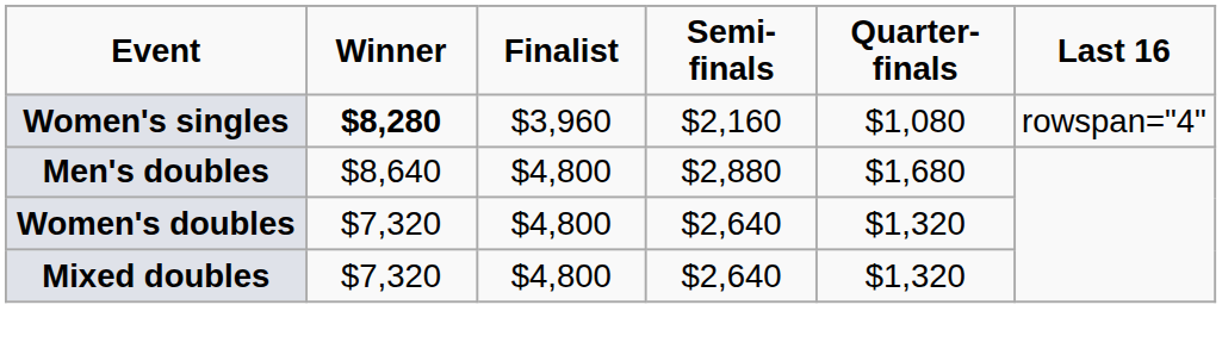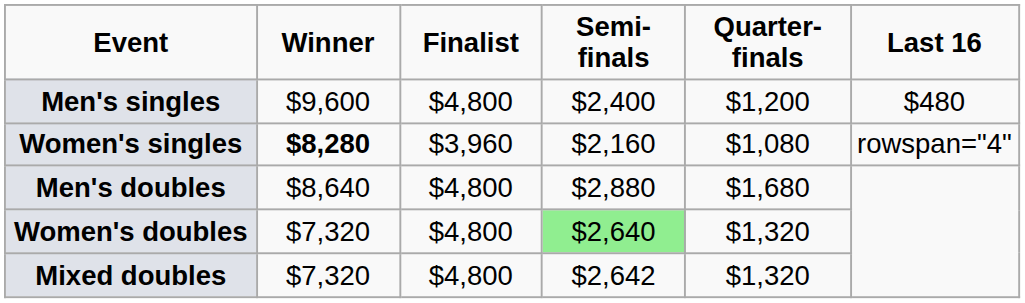 <table class="wikitable" style="font-size:90%; text-align:center">
 <tr>
 <td width="125"><strong>Event</strong></td>
 <td width="68"><strong>Winner</strong></td>
 <td width="68"><strong>Finalist</strong></td>
 <td width="68"><strong>Semi-finals</strong></td>
 <td width="80"><strong>Quarter-finals</strong></td>
 <td width="68"><strong>Last 16</strong></td>
+</tr>
+<tr>
+<td bgcolor="#dfe2e9"><strong>Men's singles</strong></td>
+<td>$9,600</td>
+<td>$4,800</td>
+<td>$2,400</td>
+<td>$1,200</td>
+<td>$480</td>
 </tr>
 <tr>
 <td bgcolor="#dfe2e9"><strong>Women's singles</strong></td>
 <td><strong>$8,280</strong></td>
 <td>$3,960</td>
 <td>$2,160</td>
 <td>$1,080</td>
 <td>rowspan="4" </td>
 </tr>
 <tr>
 <td bgcolor="#dfe2e9"><strong>Men's doubles</strong></td>
 <td>$8,640</td>
 <td>$4,800</td>
 <td>$2,880</td>
 <td>$1,680</td>
 </tr>
 <tr>
 <td bgcolor="#dfe2e9"><strong>Women's doubles</strong></td>
 <td>$7,320</td>
 <td>$4,800</td>
-<td>$2,640</td>
+<td style="background: lightgreen;">$2,640</td>
 <td>$1,320</td>
 </tr>
 <tr>
 <td bgcolor="#dfe2e9"><strong>Mixed doubles</strong></td>
 <td>$7,320</td>
 <td>$4,800</td>
-<td>$2,640</td>
+<td>$2,642</td>
 <td>$1,320</td>
 </tr>
 </table>
